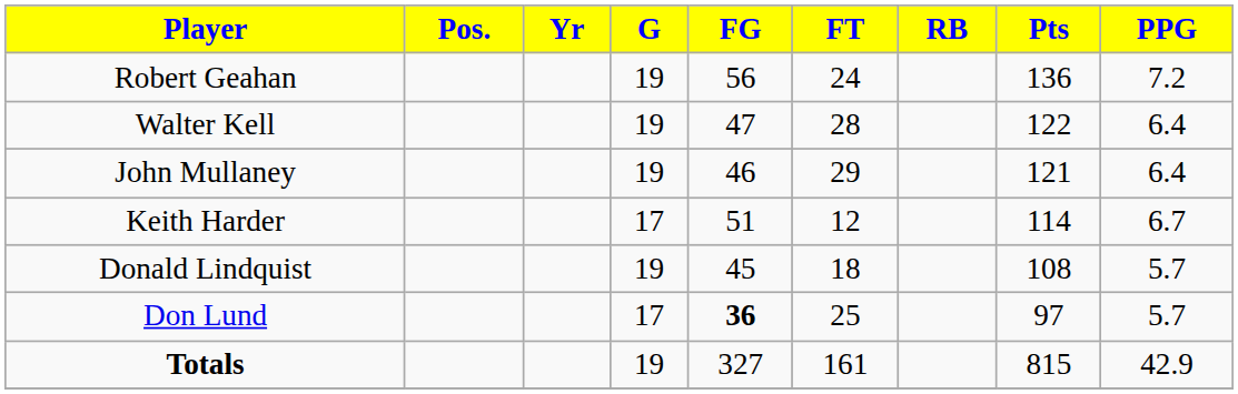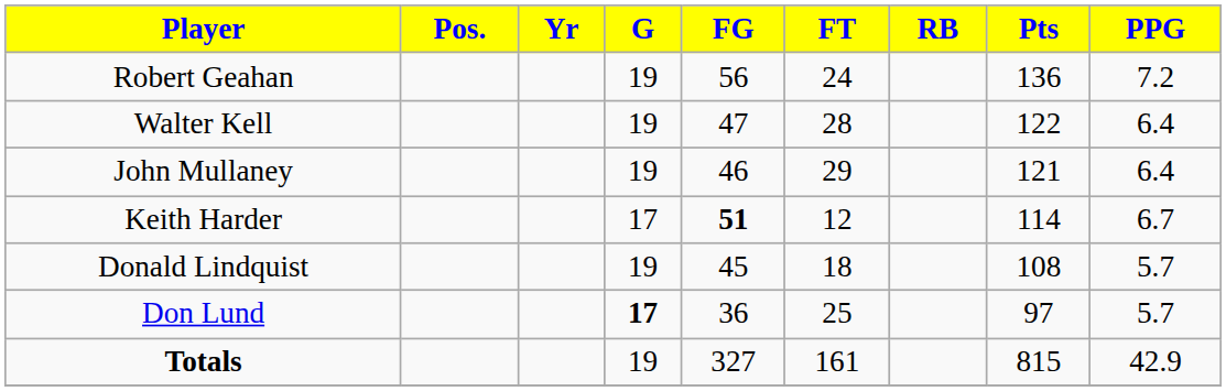 <table class="wikitable" width="650">
 <tr align="center"  style="background:yellow;color:blue;">
 <td><strong>Player</strong></td>
 <td><strong>Pos.</strong></td>
 <td><strong>Yr</strong></td>
 <td><strong>G</strong></td>
 <td><strong>FG</strong></td>
 <td><strong>FT</strong></td>
 <td><strong>RB</strong></td>
 <td><strong>Pts</strong></td>
 <td><strong>PPG</strong></td>
 </tr>
 <tr align="center" bgcolor="">
 <td>Robert Geahan</td>
 <td></td>
 <td></td>
 <td>19</td>
 <td>56</td>
 <td>24</td>
 <td></td>
 <td>136</td>
 <td>7.2</td>
 </tr>
 <tr align="center" bgcolor="">
 <td>Walter Kell</td>
 <td></td>
 <td></td>
 <td>19</td>
 <td>47</td>
 <td>28</td>
 <td></td>
 <td>122</td>
 <td>6.4</td>
 </tr>
 <tr align="center" bgcolor="">
 <td>John Mullaney</td>
 <td></td>
 <td></td>
 <td>19</td>
 <td>46</td>
 <td>29</td>
 <td></td>
 <td>121</td>
 <td>6.4</td>
 </tr>
 <tr align="center" bgcolor="">
 <td>Keith Harder</td>
 <td></td>
 <td></td>
 <td>17</td>
-<td>51</td>
+<td><strong>51</strong></td>
 <td>12</td>
 <td></td>
 <td>114</td>
 <td>6.7</td>
 </tr>
 <tr align="center" bgcolor="">
 <td>Donald Lindquist</td>
 <td></td>
 <td></td>
 <td>19</td>
 <td>45</td>
 <td>18</td>
 <td></td>
 <td>108</td>
 <td>5.7</td>
 </tr>
 <tr align="center" bgcolor="">
 <td><a href='#'>Don Lund</a></td>
 <td></td>
 <td></td>
-<td>17</td>
-<td><strong>36</strong></td>
+<td><strong>17</strong></td>
+<td>36</td>
 <td>25</td>
 <td></td>
 <td>97</td>
 <td>5.7</td>
 </tr>
 <tr align="center" bgcolor="">
 <td><strong>Totals</strong></td>
 <td></td>
 <td></td>
 <td>19</td>
 <td>327</td>
 <td>161</td>
 <td></td>
 <td>815</td>
 <td>42.9</td>
 </tr>
 <tr align="center" bgcolor="">
 </tr>
 </table>
